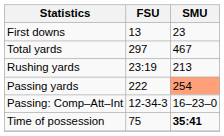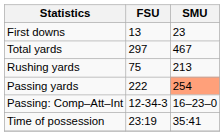 <table class="wikitable" style="float: left;">
 <tr>
 <th>Statistics</th>
 <th>FSU</th>
 <th>SMU</th>
 </tr>
 <tr>
 <td>First downs</td>
 <td>13</td>
 <td>23</td>
 </tr>
 <tr>
 <td>Total yards</td>
 <td>297</td>
 <td>467</td>
 </tr>
 <tr>
 <td>Rushing yards</td>
-<td>23:19</td>
+<td>75</td>
 <td>213</td>
 </tr>
 <tr>
 <td>Passing yards</td>
 <td>222</td>
 <td style="background: lightsalmon;">254</td>
 </tr>
 <tr>
 <td>Passing: Comp–Att–Int</td>
 <td>12-34-3</td>
 <td>16–23–0</td>
 </tr>
 <tr>
 <td>Time of possession</td>
-<td>75</td>
-<td><strong>35:41</strong></td>
+<td>23:19</td>
+<td>35:41</td>
 </tr>
 <tr>
 </tr>
 </table>
